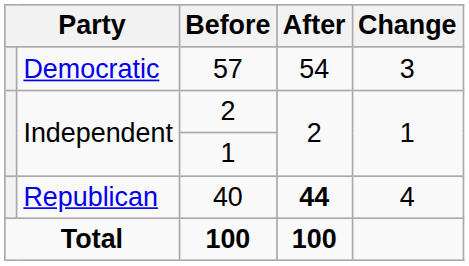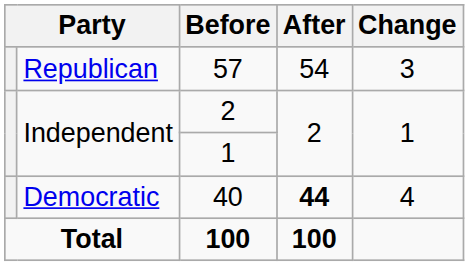 <table class="wikitable" style="text-align:center;">
 <tr>
 <th colspan="2">Party</th>
 <th>Before</th>
 <th>After</th>
 <th>Change</th>
 </tr>
 <tr>
 <th style="background-color:"></th>
-<td style="text-align:left;"><a href='#'>Democratic</a></td>
+<td style="text-align:left;"><a href='#'>Republican</a></td>
 <td>57</td>
 <td>54</td>
 <td> 3</td>
 </tr>
 <tr>
 <th rowspan="2" style="background-color:"></th>
 <td rowspan="2" style="text-align:left;">Independent</td>
 <td>2</td>
 <td rowspan="2" >2</td>
 <td rowspan="2"> 1</td>
 </tr>
 <tr>
 <td>1</td>
 </tr>
 <tr>
 <th style="background-color:"></th>
-<td style="text-align:left;"><a href='#'>Republican</a></td>
+<td style="text-align:left;"><a href='#'>Democratic</a></td>
 <td>40</td>
 <td><strong>44</strong></td>
 <td> 4</td>
 </tr>
 <tr>
 <td colspan="2"><strong>Total</strong></td>
 <td><strong>100</strong></td>
 <td><strong>100</strong></td>
 </tr>
 </table>
